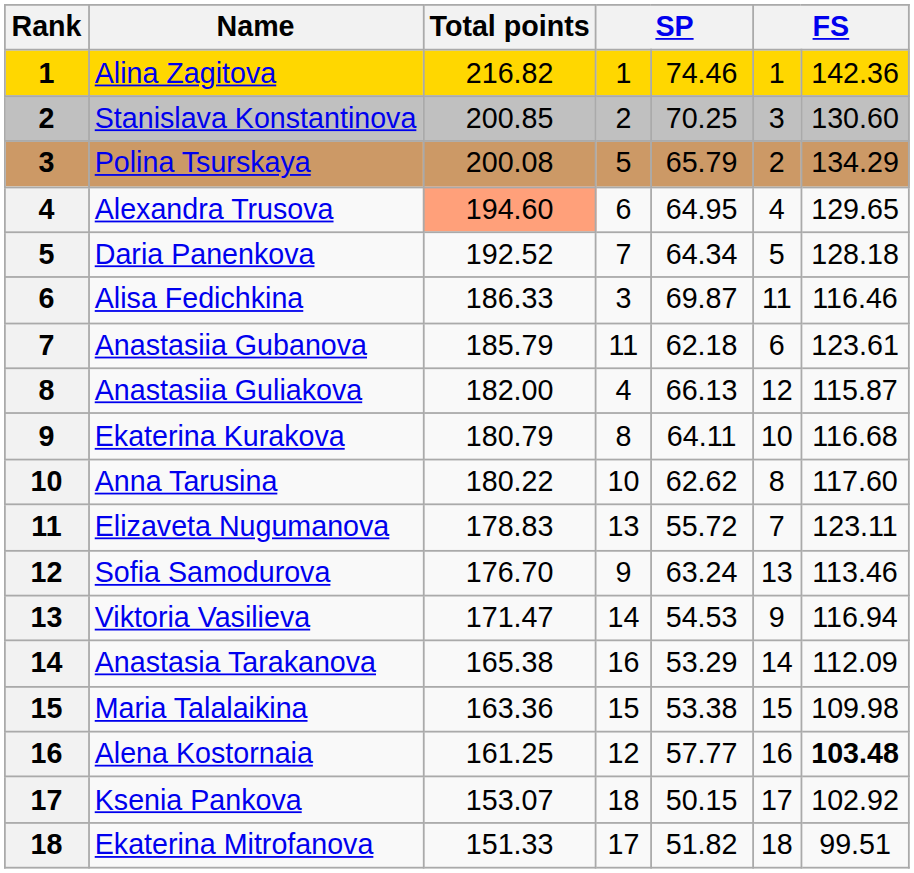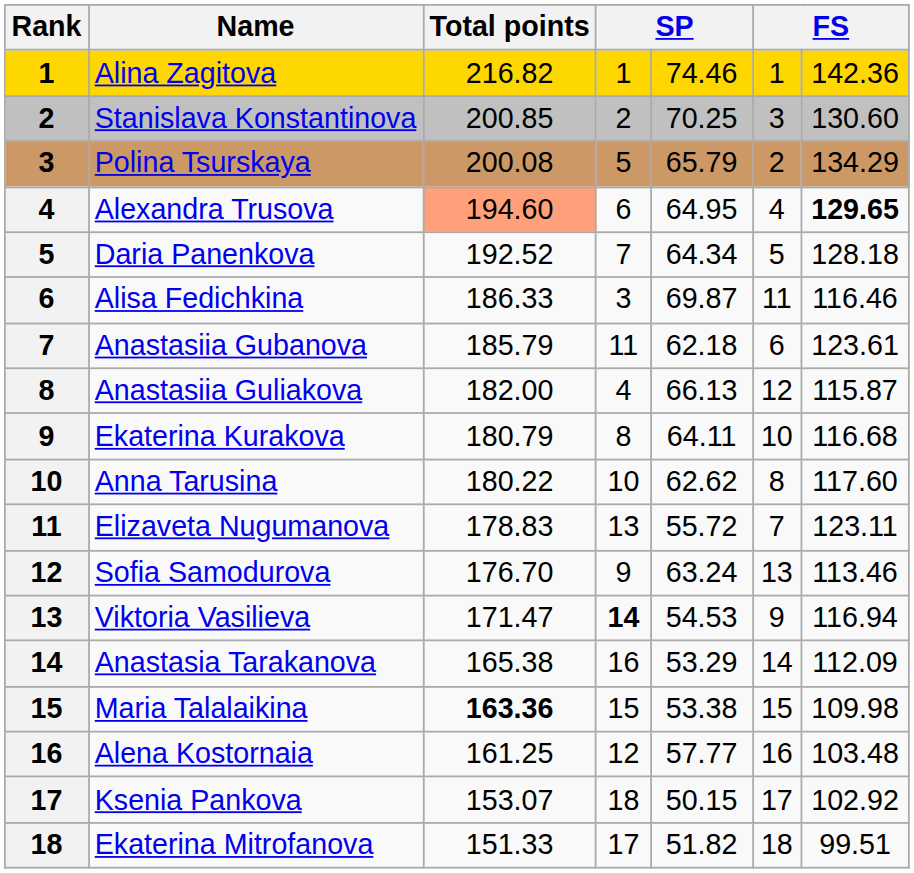 <table class="wikitable sortable">
 <tr>
 <th>Rank</th>
 <th>Name</th>
 <th>Total points</th>
 <th colspan="2" width="80px"><a href='#'>SP</a></th>
 <th colspan="2" width="80px"><a href='#'>FS</a></th>
 </tr>
 <tr bgcolor="gold">
 <td align="center"><strong>1</strong></td>
 <td><a href='#'>Alina Zagitova</a></td>
 <td align="center">216.82</td>
 <td align="center">1</td>
 <td align="center">74.46</td>
 <td align="center">1</td>
 <td align="center">142.36</td>
 </tr>
 <tr bgcolor="silver">
 <td align="center"><strong>2</strong></td>
 <td><a href='#'>Stanislava Konstantinova</a></td>
 <td align="center">200.85</td>
 <td align="center">2</td>
 <td align="center">70.25</td>
 <td align="center">3</td>
 <td align="center">130.60</td>
 </tr>
 <tr bgcolor="cc9966">
 <td align="center"><strong>3</strong></td>
 <td><a href='#'>Polina Tsurskaya</a></td>
 <td align="center">200.08</td>
 <td align="center">5</td>
 <td align="center">65.79</td>
 <td align="center">2</td>
 <td align="center">134.29</td>
 </tr>
 <tr>
 <th>4</th>
 <td><a href='#'>Alexandra Trusova</a></td>
 <td align="center" style="background: lightsalmon;">194.60</td>
 <td align="center">6</td>
 <td align="center">64.95</td>
 <td align="center">4</td>
-<td align="center">129.65</td>
+<td align="center"><strong>129.65</strong></td>
 </tr>
 <tr>
 <th>5</th>
 <td><a href='#'>Daria Panenkova</a></td>
 <td align="center">192.52</td>
 <td align="center">7</td>
 <td align="center">64.34</td>
 <td align="center">5</td>
 <td align="center">128.18</td>
 </tr>
 <tr>
 <th>6</th>
 <td><a href='#'>Alisa Fedichkina</a></td>
 <td align="center">186.33</td>
 <td align="center">3</td>
 <td align="center">69.87</td>
 <td align="center">11</td>
 <td align="center">116.46</td>
 </tr>
 <tr>
 <th>7</th>
 <td><a href='#'>Anastasiia Gubanova</a></td>
 <td align="center">185.79</td>
 <td align="center">11</td>
 <td align="center">62.18</td>
 <td align="center">6</td>
 <td align="center">123.61</td>
 </tr>
 <tr>
 <th>8</th>
 <td><a href='#'>Anastasiia Guliakova</a></td>
 <td align="center">182.00</td>
 <td align="center">4</td>
 <td align="center">66.13</td>
 <td align="center">12</td>
 <td align="center">115.87</td>
 </tr>
 <tr>
 <th>9</th>
 <td><a href='#'>Ekaterina Kurakova</a></td>
 <td align="center">180.79</td>
 <td align="center">8</td>
 <td align="center">64.11</td>
 <td align="center">10</td>
 <td align="center">116.68</td>
 </tr>
 <tr>
 <th>10</th>
 <td><a href='#'>Anna Tarusina</a></td>
 <td align="center">180.22</td>
 <td align="center">10</td>
 <td align="center">62.62</td>
 <td align="center">8</td>
 <td align="center">117.60</td>
 </tr>
 <tr>
 <th>11</th>
 <td><a href='#'>Elizaveta Nugumanova</a></td>
 <td align="center">178.83</td>
 <td align="center">13</td>
 <td align="center">55.72</td>
 <td align="center">7</td>
 <td align="center">123.11</td>
 </tr>
 <tr>
 <th>12</th>
 <td><a href='#'>Sofia Samodurova</a></td>
 <td align="center">176.70</td>
 <td align="center">9</td>
 <td align="center">63.24</td>
 <td align="center">13</td>
 <td align="center">113.46</td>
 </tr>
 <tr>
 <th>13</th>
 <td><a href='#'>Viktoria Vasilieva</a></td>
 <td align="center">171.47</td>
-<td align="center">14</td>
+<td align="center"><strong>14</strong></td>
 <td align="center">54.53</td>
 <td align="center">9</td>
 <td align="center">116.94</td>
 </tr>
 <tr>
 <th>14</th>
 <td><a href='#'>Anastasia Tarakanova</a></td>
 <td align="center">165.38</td>
 <td align="center">16</td>
 <td align="center">53.29</td>
 <td align="center">14</td>
 <td align="center">112.09</td>
 </tr>
 <tr>
 <th>15</th>
 <td><a href='#'>Maria Talalaikina</a></td>
-<td align="center">163.36</td>
+<td align="center"><strong>163.36</strong></td>
 <td align="center">15</td>
 <td align="center">53.38</td>
 <td align="center">15</td>
 <td align="center">109.98</td>
 </tr>
 <tr>
 <th>16</th>
 <td><a href='#'>Alena Kostornaia</a></td>
 <td align="center">161.25</td>
 <td align="center">12</td>
 <td align="center">57.77</td>
 <td align="center">16</td>
-<td align="center"><strong>103.48</strong></td>
+<td align="center">103.48</td>
 </tr>
 <tr>
 <th>17</th>
 <td><a href='#'>Ksenia Pankova</a></td>
 <td align="center">153.07</td>
 <td align="center">18</td>
 <td align="center">50.15</td>
 <td align="center">17</td>
 <td align="center">102.92</td>
 </tr>
 <tr>
 <th>18</th>
 <td><a href='#'>Ekaterina Mitrofanova</a></td>
 <td align="center">151.33</td>
 <td align="center">17</td>
 <td align="center">51.82</td>
 <td align="center">18</td>
 <td align="center">99.51</td>
 </tr>
 </table>
